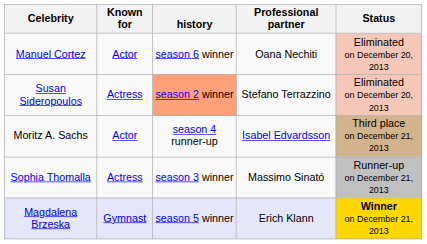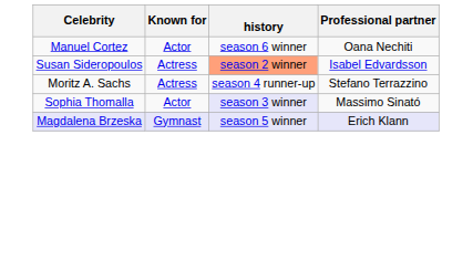 <table class= "wikitable sortable" style="text-align: center; margin:auto; align: center">
 <tr>
 <th>Celebrity</th>
 <th>Known for</th>
 <th><br>history</th>
 <th>Professional partner</th>
-<th>Status</th>
 </tr>
 <tr>
 <td><a href='#'>Manuel Cortez</a></td>
 <td><a href='#'>Actor</a></td>
 <td><a href='#'>season 6</a> winner</td>
 <td>Oana Nechiti</td>
-<td bgcolor="#F4C7B8">Eliminated<br><small>on December 20, 2013</small></td>
 </tr>
 <tr>
 <td><a href='#'>Susan Sideropoulos</a></td>
 <td><a href='#'>Actress</a></td>
 <td style="background: lightsalmon;"><a href='#'>season 2</a> winner</td>
-<td>Stefano Terrazzino</td>
-<td bgcolor="#F4C7B8">Eliminated<br><small>on December 20, 2013</small></td>
+<td><a href='#'>Isabel Edvardsson</a></td>
 </tr>
 <tr>
 <td>Moritz A. Sachs</td>
-<td><a href='#'>Actor</a></td>
+<td><a href='#'>Actress</a></td>
 <td><a href='#'>season 4</a> runner-up</td>
-<td><a href='#'>Isabel Edvardsson</a></td>
-<td bgcolor="tan">Third place<br><small>on December 21, 2013</small></td>
+<td>Stefano Terrazzino</td>
 </tr>
 <tr>
 <td><a href='#'>Sophia Thomalla</a></td>
-<td><a href='#'>Actress</a></td>
-<td><a href='#'>season 3</a> winner</td>
+<td><a href='#'>Actor</a></td>
+<td style="background: lavender;"><a href='#'>season 3</a> winner</td>
 <td>Massimo Sinató</td>
-<td bgcolor="silver">Runner-up<br><small>on December 21, 2013</small></td>
 </tr>
 <tr bgcolor="lavender">
 <td><a href='#'>Magdalena Brzeska</a></td>
 <td><a href='#'>Gymnast</a></td>
 <td><a href='#'>season 5</a> winner</td>
 <td>Erich Klann</td>
-<td bgcolor="gold"><strong>Winner</strong><br><small>on December 21, 2013</small></td>
 </tr>
 </table>
